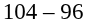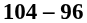 <table style="text-align:center">
 <tr>
 <th width=200></th>
 <th width=100></th>
 <th width=200></th>
 <th></th>
 </tr>
 <tr>
 <td align=right><strong></strong></td>
-<td>104 – 96</td>
+<td><strong>104 – 96</strong></td>
 <td align=left></td>
 </tr>
 </table>
